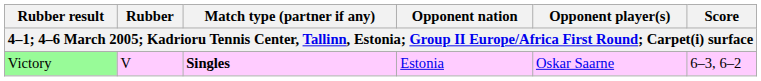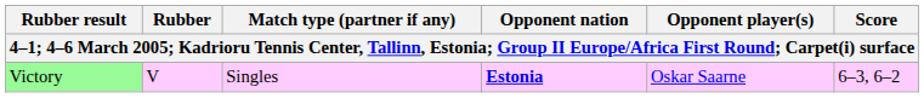 <table class=wikitable style=font-size:97%>
 <tr>
 <th scope="col">Rubber result</th>
 <th scope="col">Rubber</th>
 <th scope="col">Match type (partner if any)</th>
 <th scope="col">Opponent nation</th>
 <th scope="col">Opponent player(s)</th>
 <th scope="col">Score</th>
 </tr>
 <tr>
 <th colspan=7>4–1; 4–6 March 2005; Kadrioru Tennis Center, <a href='#'>Tallinn</a>, Estonia; <a href='#'>Group II Europe/Africa First Round</a>; Carpet(i) surface</th>
 </tr>
 <tr style="background:#fcf;">
 <td bgcolor=98FB98>Victory</td>
 <td>V</td>
-<td><strong>Singles</strong></td>
-<td> <a href='#'>Estonia</a></td>
+<td>Singles</td>
+<td><strong> <a href='#'>Estonia</a></strong></td>
 <td><a href='#'>Oskar Saarne</a></td>
 <td>6–3, 6–2</td>
 </tr>
 </table>
